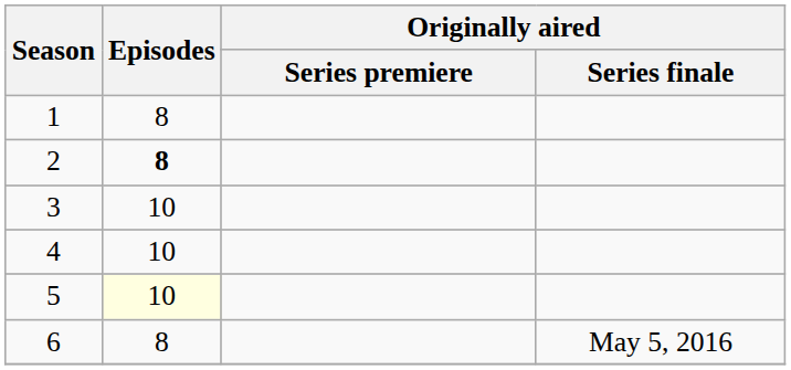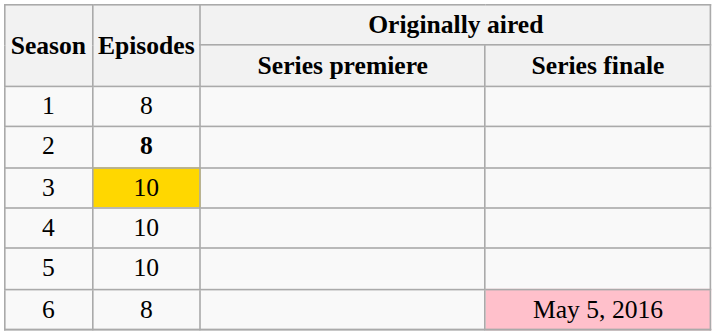 <table class="wikitable"  style="width: 35%; text-align:center;">
 <tr>
 <th colspan="1" rowspan="2" width=3%>Season</th>
 <th rowspan="2" width=5%>Episodes</th>
 <th colspan="2">Originally aired</th>
 </tr>
 <tr>
 <th>Series premiere</th>
 <th>Series finale</th>
 </tr>
 <tr>
 <td>1</td>
 <td>8</td>
 <td></td>
 <td></td>
 </tr>
 <tr>
 <td>2</td>
 <td><strong>8</strong></td>
 <td></td>
 <td></td>
 </tr>
 <tr>
 <td>3</td>
-<td>10</td>
+<td style="background: gold;">10</td>
 <td></td>
 <td></td>
 </tr>
 <tr>
 <td>4</td>
 <td>10</td>
 <td></td>
 <td></td>
 </tr>
 <tr>
 <td>5</td>
-<td style="background: lightyellow;">10</td>
+<td>10</td>
 <td></td>
 <td></td>
 </tr>
 <tr>
 <td>6</td>
 <td>8</td>
 <td></td>
-<td>May 5, 2016</td>
+<td style="background: pink;">May 5, 2016</td>
 </tr>
 <tr>
 </tr>
 </table>
